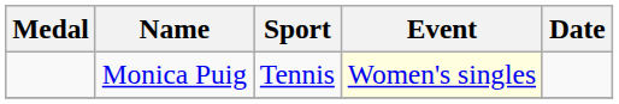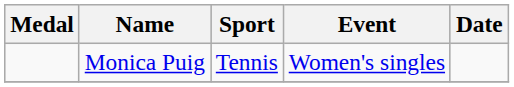 <table class="wikitable sortable" style="font-size: 95%;">
 <tr>
 <th>Medal</th>
 <th>Name</th>
 <th>Sport</th>
 <th>Event</th>
 <th>Date</th>
 </tr>
 <tr>
 <td></td>
 <td><a href='#'>Monica Puig</a></td>
 <td><a href='#'>Tennis</a></td>
-<td style="background: lightyellow;"><a href='#'>Women's singles</a></td>
+<td><a href='#'>Women's singles</a></td>
 <td></td>
 </tr>
 <tr>
 </tr>
 </table>
